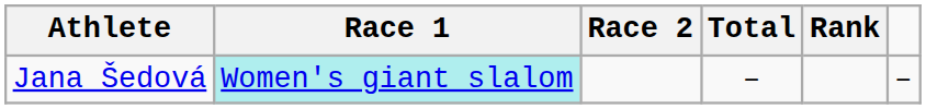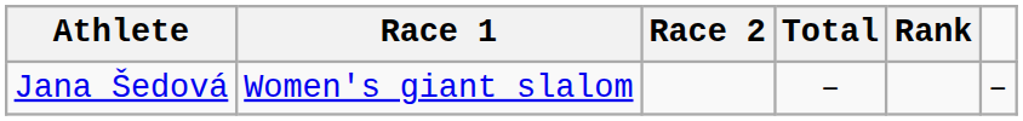 <table class="wikitable" style="font-size:90%">
 <tr>
 <th>Athlete</th>
 <th>Race 1</th>
 <th>Race 2</th>
 <th>Total</th>
 <th>Rank</th>
 </tr>
 <tr>
 <td><a href='#'>Jana Šedová</a></td>
-<td style="background: paleturquoise;"><a href='#'>Women's giant slalom</a></td>
+<td><a href='#'>Women's giant slalom</a></td>
 <td align="center"></td>
 <td align="center">–</td>
 <td align="center"></td>
 <td align="center">–</td>
 </tr>
 </table>
